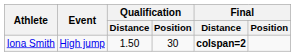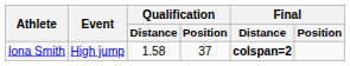 <table class=wikitable style=font-size:90%>
 <tr>
 <th rowspan=2>Athlete</th>
 <th rowspan=2>Event</th>
 <th colspan=2>Qualification</th>
 <th colspan=2>Final</th>
 </tr>
 <tr style=font-size:95%>
 <th>Distance</th>
 <th>Position</th>
 <th>Distance</th>
 <th>Position</th>
 </tr>
 <tr align=center>
 <td align=left><a href='#'>Iona Smith</a></td>
 <td align=left rowspan=2><a href='#'>High jump</a></td>
-<td>1.50</td>
-<td>30</td>
+<td>1.58</td>
+<td>37</td>
 <td><strong>colspan=2 </strong></td>
 </tr>
 </table>
